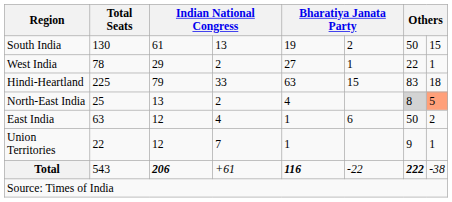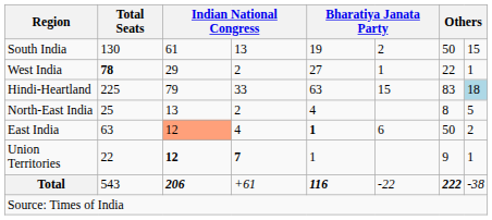 <table class="wikitable">
 <tr>
 <th>Region</th>
 <th>Total Seats</th>
 <th colspan="2"><a href='#'>Indian National Congress</a></th>
 <th colspan="2"><a href='#'>Bharatiya Janata Party</a></th>
 <th colspan="2">Others</th>
 </tr>
 <tr>
 <td>South India</td>
 <td>130</td>
 <td>61</td>
 <td> 13</td>
 <td>19</td>
 <td> 2</td>
 <td>50</td>
 <td> 15</td>
 </tr>
 <tr>
 <td>West India</td>
-<td>78</td>
+<td><strong>78</strong></td>
 <td>29</td>
 <td> 2</td>
 <td>27</td>
 <td> 1</td>
 <td>22</td>
 <td> 1</td>
 </tr>
 <tr>
 <td>Hindi-Heartland</td>
 <td>225</td>
 <td>79</td>
 <td> 33</td>
 <td>63</td>
 <td> 15</td>
 <td>83</td>
-<td> 18</td>
+<td style="background: lightblue;"> 18</td>
 </tr>
 <tr>
 <td>North-East India</td>
 <td>25</td>
 <td>13</td>
 <td> 2</td>
 <td>4</td>
 <td></td>
-<td style="background: lightgrey;">8</td>
-<td style="background: lightsalmon;"> 5</td>
+<td>8</td>
+<td> 5</td>
 </tr>
 <tr>
 <td>East India</td>
 <td>63</td>
-<td>12</td>
+<td style="background: lightsalmon;">12</td>
 <td> 4</td>
-<td>1</td>
+<td><strong>1</strong></td>
 <td> 6</td>
 <td>50</td>
 <td> 2</td>
 </tr>
 <tr>
 <td>Union Territories</td>
 <td>22</td>
-<td>12</td>
-<td> 7</td>
+<td><strong>12</strong></td>
+<td><strong> 7</strong></td>
 <td>1</td>
 <td></td>
 <td>9</td>
 <td> 1</td>
 </tr>
 <tr>
 <th>Total</th>
 <td>543</td>
 <td><strong><em>206</em></strong></td>
 <td><em>+61</em></td>
 <td><strong><em>116</em></strong></td>
 <td><em>-22</em></td>
 <td><strong><em>222</em></strong></td>
 <td><em>-38</em></td>
 </tr>
 <tr>
 <td colspan="8" align="left">Source: Times of India</td>
 </tr>
 </table>
